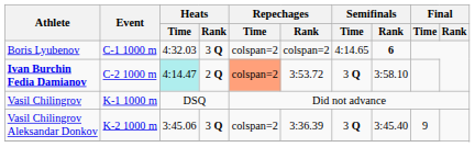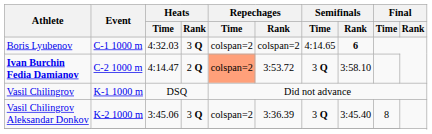 <table class="wikitable" style="font-size:90%; text-align:center;">
 <tr>
 <th rowspan=2>Athlete</th>
 <th rowspan=2>Event</th>
 <th colspan=2>Heats</th>
 <th colspan=2>Repechages</th>
 <th colspan=2>Semifinals</th>
 <th colspan=2>Final</th>
 </tr>
 <tr style="font-size:95%">
 <th>Time</th>
 <th>Rank</th>
 <th>Time</th>
 <th>Rank</th>
 <th>Time</th>
 <th>Rank</th>
 <th>Time</th>
 <th>Rank</th>
 </tr>
 <tr>
 <td align=left rowspan=1><a href='#'>Boris Lyubenov</a></td>
 <td align=left><a href='#'>C-1 1000 m</a></td>
 <td>4:32.03</td>
 <td>3 <strong>Q</strong></td>
 <td>colspan=2 </td>
 <td>colspan=2 </td>
 <td>4:14.65</td>
 <td><strong>6</strong></td>
 </tr>
 <tr>
 <td align=left rowspan=1><strong><a href='#'>Ivan Burchin</a><br><a href='#'>Fedia Damianov</a></strong></td>
 <td align=left><a href='#'>C-2 1000 m</a></td>
-<td style="background: paleturquoise;">4:14.47</td>
+<td>4:14.47</td>
 <td>2 <strong>Q</strong></td>
 <td style="background: lightsalmon;">colspan=2 </td>
 <td>3:53.72</td>
 <td>3 <strong>Q</strong></td>
 <td>3:58.10</td>
 <td></td>
 </tr>
 <tr>
 <td align=left rowspan=1><a href='#'>Vasil Chilingrov</a></td>
 <td align=left><a href='#'>K-1 1000 m</a></td>
 <td colspan=2>DSQ</td>
 <td colspan=6>Did not advance</td>
 </tr>
 <tr>
 <td align=left rowspan=1><a href='#'>Vasil Chilingrov</a><br> <a href='#'>Aleksandar Donkov</a></td>
 <td align=left><a href='#'>K-2 1000 m</a></td>
 <td>3:45.06</td>
 <td>3 <strong>Q</strong></td>
 <td>colspan=2 </td>
 <td>3:36.39</td>
 <td>3 <strong>Q</strong></td>
 <td>3:45.40</td>
-<td>9</td>
+<td>8</td>
 </tr>
 <tr>
 </tr>
 </table>
